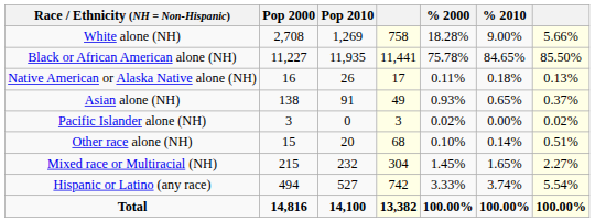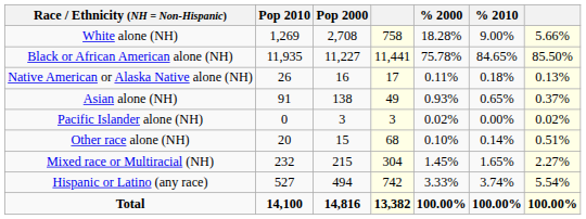 <table class="wikitable" style="text-align:center;">
 <tr>
 <th>Race / Ethnicity <small>(<em>NH = Non-Hispanic</em>)</small></th>
+<th>Pop 2010</th>
 <th>Pop 2000</th>
-<th>Pop 2010</th>
 <th></th>
 <th>% 2000</th>
 <th>% 2010</th>
 <th></th>
 </tr>
 <tr>
 <td><a href='#'>White</a> alone (NH)</td>
+<td>1,269</td>
 <td>2,708</td>
-<td>1,269</td>
 <td style='background: #ffffe6;'>758</td>
 <td>18.28%</td>
 <td>9.00%</td>
 <td style='background: #ffffe6;'>5.66%</td>
 </tr>
 <tr>
 <td><a href='#'>Black or African American</a> alone (NH)</td>
+<td>11,935</td>
 <td>11,227</td>
-<td>11,935</td>
 <td style='background: #ffffe6;'>11,441</td>
 <td>75.78%</td>
 <td>84.65%</td>
 <td style='background: #ffffe6;'>85.50%</td>
 </tr>
 <tr>
 <td><a href='#'>Native American</a> or <a href='#'>Alaska Native</a> alone (NH)</td>
+<td>26</td>
 <td>16</td>
-<td>26</td>
 <td style='background: #ffffe6;'>17</td>
 <td>0.11%</td>
 <td>0.18%</td>
 <td style='background: #ffffe6;'>0.13%</td>
 </tr>
 <tr>
 <td><a href='#'>Asian</a> alone (NH)</td>
+<td>91</td>
 <td>138</td>
-<td>91</td>
 <td style='background: #ffffe6;'>49</td>
 <td>0.93%</td>
 <td>0.65%</td>
 <td style='background: #ffffe6;'>0.37%</td>
 </tr>
 <tr>
 <td><a href='#'>Pacific Islander</a> alone (NH)</td>
+<td>0</td>
 <td>3</td>
-<td>0</td>
 <td style='background: #ffffe6;'>3</td>
 <td>0.02%</td>
 <td>0.00%</td>
 <td style='background: #ffffe6;'>0.02%</td>
 </tr>
 <tr>
 <td><a href='#'>Other race</a> alone (NH)</td>
+<td>20</td>
 <td>15</td>
-<td>20</td>
 <td style='background: #ffffe6;'>68</td>
 <td>0.10%</td>
 <td>0.14%</td>
 <td style='background: #ffffe6;'>0.51%</td>
 </tr>
 <tr>
 <td><a href='#'>Mixed race or Multiracial</a> (NH)</td>
+<td>232</td>
 <td>215</td>
-<td>232</td>
 <td style='background: #ffffe6;'>304</td>
 <td>1.45%</td>
 <td>1.65%</td>
 <td style='background: #ffffe6;'>2.27%</td>
 </tr>
 <tr>
 <td><a href='#'>Hispanic or Latino</a> (any race)</td>
+<td>527</td>
 <td>494</td>
-<td>527</td>
 <td style='background: #ffffe6;'>742</td>
 <td>3.33%</td>
 <td>3.74%</td>
 <td style='background: #ffffe6;'>5.54%</td>
 </tr>
 <tr>
 <td><strong>Total</strong></td>
+<td><strong>14,100</strong></td>
 <td><strong>14,816</strong></td>
-<td><strong>14,100</strong></td>
 <td style='background: #ffffe6;'><strong>13,382</strong></td>
 <td><strong>100.00%</strong></td>
 <td><strong>100.00%</strong></td>
 <td style='background: #ffffe6;'><strong>100.00%</strong></td>
 </tr>
 </table>
